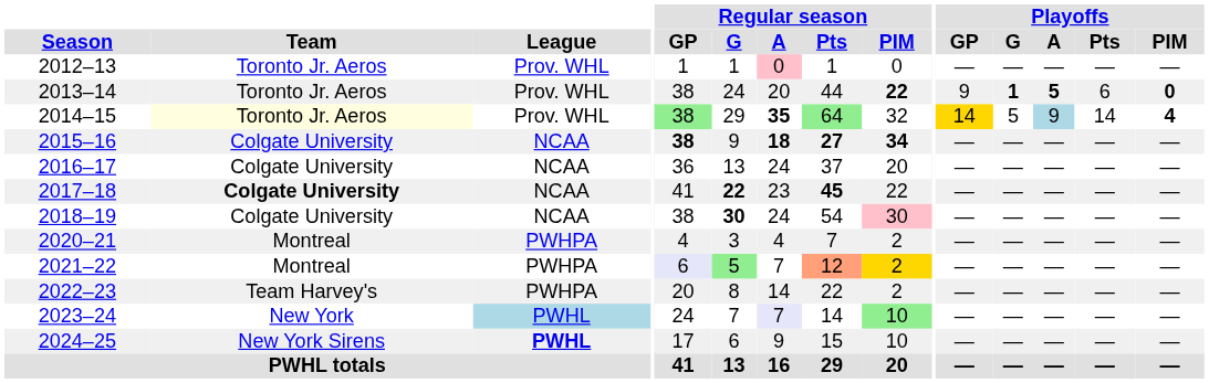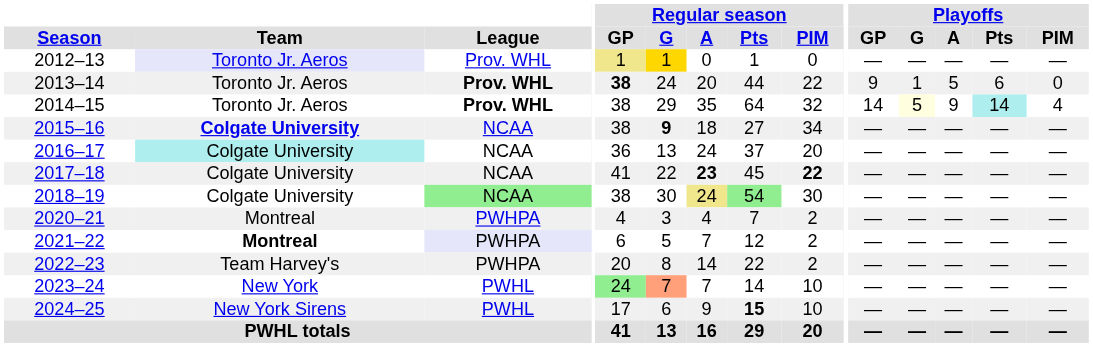 <table border="0" cellpadding="1" cellspacing="0" style="text-align:center; width:60em">
 <tr bgcolor="#e0e0e0">
 <th colspan="3" bgcolor="#ffffff"></th>
 <th rowspan="97" bgcolor="#ffffff"></th>
 <th colspan="5"><a href='#'>Regular season</a></th>
 <th rowspan="97" bgcolor="#ffffff"></th>
 <th colspan="5"><a href='#'>Playoffs</a></th>
 </tr>
 <tr bgcolor="#e0e0e0">
 <th><a href='#'>Season</a></th>
 <th>Team</th>
 <th>League</th>
 <th>GP</th>
 <th><a href='#'>G</a></th>
 <th><a href='#'>A</a></th>
 <th><a href='#'>Pts</a></th>
 <th><a href='#'>PIM</a></th>
 <th>GP</th>
 <th>G</th>
 <th>A</th>
 <th>Pts</th>
 <th>PIM</th>
 </tr>
 <tr>
 <td>2012–13</td>
-<td><a href='#'>Toronto Jr. Aeros</a></td>
+<td style="background: lavender;"><a href='#'>Toronto Jr. Aeros</a></td>
 <td><a href='#'>Prov. WHL</a></td>
-<td>1</td>
-<td>1</td>
-<td style="background: pink;">0</td>
+<td style="background: khaki;">1</td>
+<td style="background: gold;">1</td>
+<td>0</td>
 <td>1</td>
 <td>0</td>
 <td>—</td>
 <td>—</td>
 <td>—</td>
 <td>—</td>
 <td>—</td>
 </tr>
 <tr bgcolor="#f0f0f0">
 <td>2013–14</td>
 <td>Toronto Jr. Aeros</td>
-<td>Prov. WHL</td>
-<td>38</td>
+<td><strong>Prov. WHL</strong></td>
+<td><strong>38</strong></td>
 <td>24</td>
 <td>20</td>
 <td>44</td>
-<td><strong>22</strong></td>
+<td>22</td>
 <td>9</td>
-<td><strong>1</strong></td>
-<td><strong>5</strong></td>
+<td>1</td>
+<td>5</td>
 <td>6</td>
-<td><strong>0</strong></td>
+<td>0</td>
 </tr>
 <tr>
 <td>2014–15</td>
-<td style="background: lightyellow;">Toronto Jr. Aeros</td>
-<td>Prov. WHL</td>
-<td style="background: lightgreen;">38</td>
+<td>Toronto Jr. Aeros</td>
+<td><strong>Prov. WHL</strong></td>
+<td>38</td>
 <td>29</td>
-<td><strong>35</strong></td>
-<td style="background: lightgreen;">64</td>
+<td>35</td>
+<td>64</td>
 <td>32</td>
-<td style="background: gold;">14</td>
-<td>5</td>
-<td style="background: lightblue;">9</td>
 <td>14</td>
-<td><strong>4</strong></td>
+<td style="background: lightyellow;">5</td>
+<td>9</td>
+<td style="background: paleturquoise;">14</td>
+<td>4</td>
 </tr>
 <tr bgcolor="#f0f0f0">
 <td><a href='#'>2015–16</a></td>
-<td><a href='#'>Colgate University</a></td>
+<td><strong><a href='#'>Colgate University</a></strong></td>
 <td><a href='#'>NCAA</a></td>
-<td><strong>38</strong></td>
-<td>9</td>
-<td><strong>18</strong></td>
-<td><strong>27</strong></td>
-<td><strong>34</strong></td>
+<td>38</td>
+<td><strong>9</strong></td>
+<td>18</td>
+<td>27</td>
+<td>34</td>
 <td>—</td>
 <td>—</td>
 <td>—</td>
 <td>—</td>
 <td>—</td>
 </tr>
 <tr>
 <td><a href='#'>2016–17</a></td>
-<td>Colgate University</td>
+<td style="background: paleturquoise;">Colgate University</td>
 <td>NCAA</td>
 <td>36</td>
 <td>13</td>
 <td>24</td>
 <td>37</td>
 <td>20</td>
 <td>—</td>
 <td>—</td>
 <td>—</td>
 <td>—</td>
 <td>—</td>
 </tr>
 <tr bgcolor="#f0f0f0">
 <td><a href='#'>2017–18</a></td>
-<td><strong>Colgate University</strong></td>
+<td>Colgate University</td>
 <td>NCAA</td>
 <td>41</td>
+<td>22</td>
+<td><strong>23</strong></td>
+<td>45</td>
 <td><strong>22</strong></td>
-<td>23</td>
-<td><strong>45</strong></td>
-<td>22</td>
 <td>—</td>
 <td>—</td>
 <td>—</td>
 <td>—</td>
 <td>—</td>
 </tr>
 <tr>
 <td><a href='#'>2018–19</a></td>
 <td>Colgate University</td>
-<td>NCAA</td>
+<td style="background: lightgreen;">NCAA</td>
 <td>38</td>
-<td><strong>30</strong></td>
-<td>24</td>
-<td>54</td>
-<td style="background: pink;">30</td>
+<td>30</td>
+<td style="background: khaki;">24</td>
+<td style="background: lightgreen;">54</td>
+<td>30</td>
 <td>—</td>
 <td>—</td>
 <td>—</td>
 <td>—</td>
 <td>—</td>
 </tr>
 <tr bgcolor="#f0f0f0">
 <td><a href='#'>2020–21</a></td>
 <td>Montreal</td>
 <td><a href='#'>PWHPA</a></td>
 <td>4</td>
 <td>3</td>
 <td>4</td>
 <td>7</td>
 <td>2</td>
 <td>—</td>
 <td>—</td>
 <td>—</td>
 <td>—</td>
 <td>—</td>
 </tr>
 <tr>
 <td><a href='#'>2021–22</a></td>
-<td>Montreal</td>
-<td>PWHPA</td>
-<td style="background: lavender;">6</td>
-<td style="background: lightgreen;">5</td>
+<td><strong>Montreal</strong></td>
+<td style="background: lavender;">PWHPA</td>
+<td>6</td>
+<td>5</td>
 <td>7</td>
-<td style="background: lightsalmon;">12</td>
-<td style="background: gold;">2</td>
+<td>12</td>
+<td>2</td>
 <td>—</td>
 <td>—</td>
 <td>—</td>
 <td>—</td>
 <td>—</td>
 </tr>
 <tr bgcolor="#f0f0f0">
 <td><a href='#'>2022–23</a></td>
 <td>Team Harvey's</td>
 <td>PWHPA</td>
 <td>20</td>
 <td>8</td>
 <td>14</td>
 <td>22</td>
 <td>2</td>
 <td>—</td>
 <td>—</td>
 <td>—</td>
 <td>—</td>
 <td>—</td>
 </tr>
 <tr>
 <td><a href='#'>2023–24</a></td>
 <td><a href='#'>New York</a></td>
-<td style="background: lightblue;"><a href='#'>PWHL</a></td>
-<td>24</td>
+<td><a href='#'>PWHL</a></td>
+<td style="background: lightgreen;">24</td>
+<td style="background: lightsalmon;">7</td>
 <td>7</td>
-<td style="background: lavender;">7</td>
 <td>14</td>
-<td style="background: lightgreen;">10</td>
+<td>10</td>
 <td>—</td>
 <td>—</td>
 <td>—</td>
 <td>—</td>
 <td>—</td>
 </tr>
 <tr bgcolor="#f0f0f0">
 <td><a href='#'>2024–25</a></td>
 <td><a href='#'>New York Sirens</a></td>
-<td><strong><a href='#'>PWHL</a></strong></td>
+<td><a href='#'>PWHL</a></td>
 <td>17</td>
 <td>6</td>
 <td>9</td>
-<td>15</td>
+<td><strong>15</strong></td>
 <td>10</td>
 <td>—</td>
 <td>—</td>
 <td>—</td>
 <td>—</td>
 <td>—</td>
 </tr>
 <tr>
 </tr>
 <tr bgcolor="#e0e0e0">
 <th colspan="3">PWHL totals</th>
 <th>41</th>
 <th>13</th>
 <th>16</th>
 <th>29</th>
 <th>20</th>
 <th>—</th>
 <th>—</th>
 <th>—</th>
 <th>—</th>
 <th>—</th>
 </tr>
 </table>
